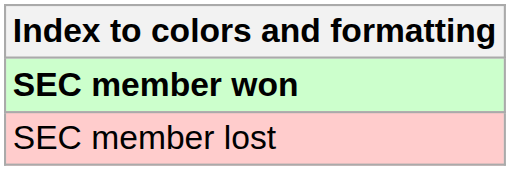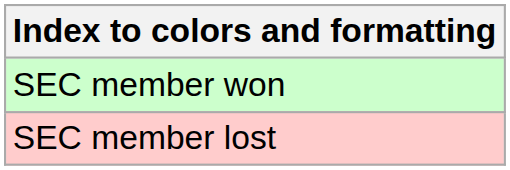 <table class="wikitable">
 <tr>
 <th>Index to colors and formatting</th>
 </tr>
 <tr style="background:#cfc;">
-<td><strong>SEC member won</strong></td>
+<td>SEC member won</td>
 </tr>
 <tr style="background:#fcc;">
 <td>SEC  member lost</td>
 </tr>
 </table>
